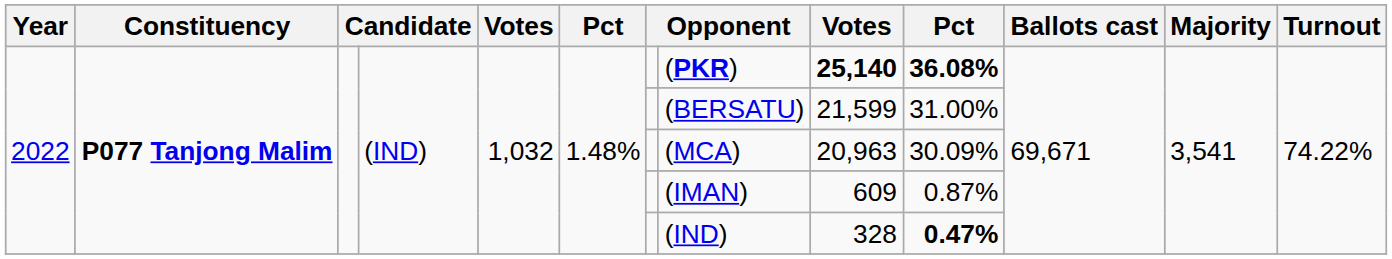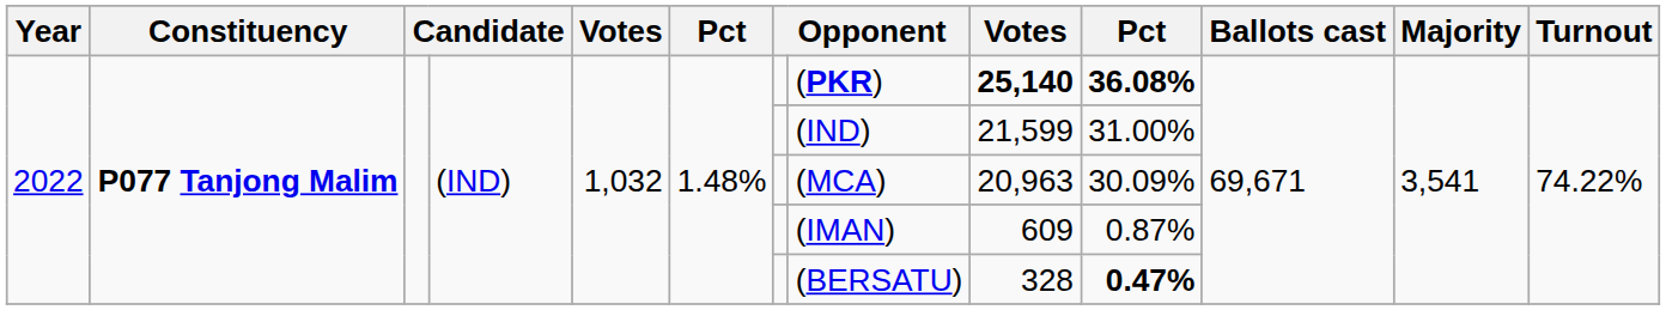 <table class="wikitable" style="margin:0.5em ; font-size:95%">
 <tr>
 <th>Year</th>
 <th>Constituency</th>
 <th colspan=2>Candidate</th>
 <th>Votes</th>
 <th>Pct</th>
 <th colspan=2>Opponent</th>
 <th>Votes</th>
 <th>Pct</th>
 <th>Ballots cast</th>
 <th>Majority</th>
 <th>Turnout</th>
 </tr>
 <tr>
 <td rowspan="5"><a href='#'>2022</a></td>
 <td rowspan="5"><strong>P077 <a href='#'>Tanjong Malim</a></strong></td>
 <td rowspan="5" ></td>
 <td rowspan="5"> (<a href='#'>IND</a>)</td>
 <td rowspan="5" style="text-align:right;">1,032</td>
 <td rowspan="5" style="text-align:right;">1.48%</td>
 <td></td>
 <td> (<a href='#'><strong>PKR</strong></a>)</td>
 <td style="text-align:right;"><strong>25,140</strong></td>
 <td><strong>36.08%</strong></td>
 <td rowspan="5">69,671</td>
 <td rowspan="5">3,541</td>
 <td rowspan="5">74.22%</td>
 </tr>
 <tr>
 <td></td>
-<td> (<a href='#'>BERSATU</a>)</td>
+<td> (<a href='#'>IND</a>)</td>
 <td style="text-align:right;">21,599</td>
 <td>31.00%</td>
 </tr>
 <tr>
 <td></td>
 <td> (<a href='#'>MCA</a>)</td>
 <td style="text-align:right;">20,963</td>
 <td>30.09%</td>
 </tr>
 <tr>
 <td bgcolor=></td>
 <td> (<a href='#'>IMAN</a>)</td>
 <td style="text-align:right;">609</td>
 <td style="text-align:right;">0.87%</td>
 </tr>
 <tr>
 <td></td>
-<td> (<a href='#'>IND</a>)</td>
+<td> (<a href='#'>BERSATU</a>)</td>
 <td style="text-align:right;">328</td>
 <td style="text-align:right;"><strong>0.47%</strong></td>
 </tr>
 </table>
